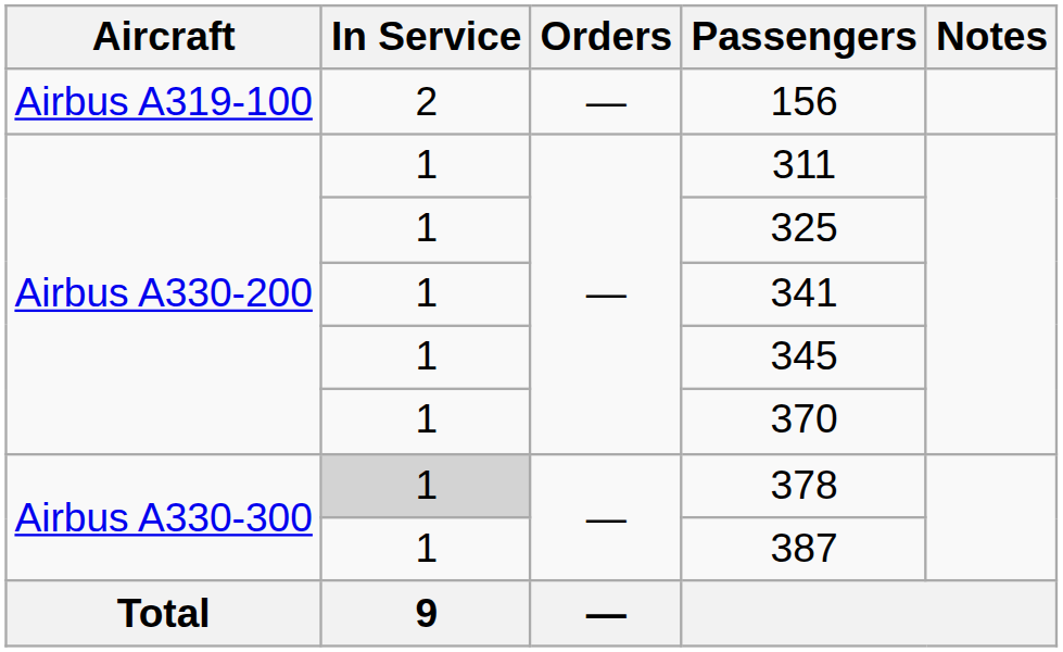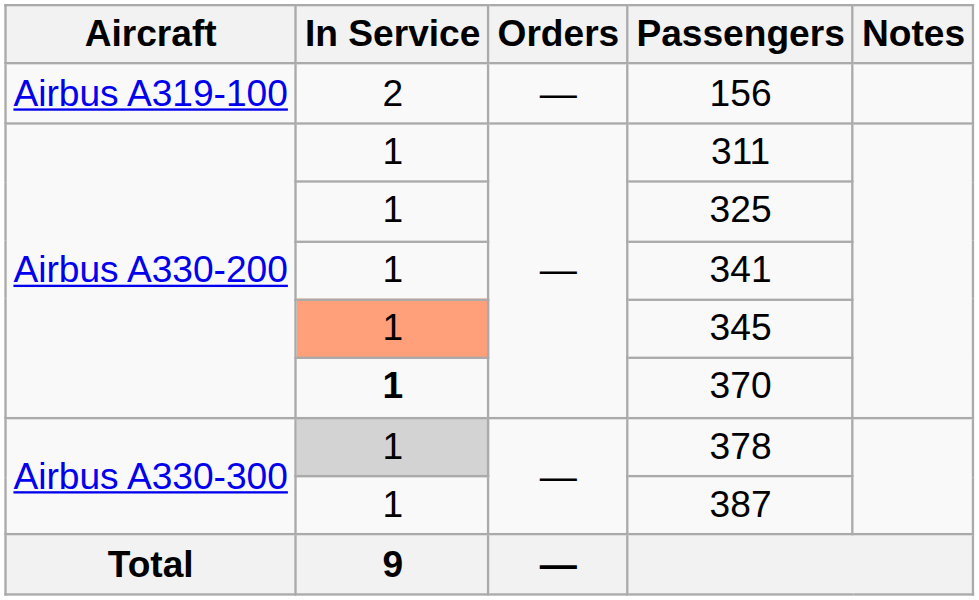 <table class="wikitable" style="margin:1em auto; border-collapse:collapse;text-align:center">
 <tr>
 <th>Aircraft</th>
 <th>In Service</th>
 <th>Orders</th>
 <th>Passengers</th>
 <th>Notes</th>
 </tr>
 <tr>
 <td><a href='#'>Airbus A319-100</a></td>
 <td>2</td>
 <td>—</td>
 <td>156</td>
 <td></td>
 </tr>
 <tr>
 <td rowspan="5"><a href='#'>Airbus A330-200</a></td>
 <td>1</td>
 <td rowspan="5">—</td>
 <td>311</td>
 <td rowspan="5"></td>
 </tr>
 <tr>
 <td>1</td>
 <td>325</td>
 </tr>
 <tr>
 <td>1</td>
 <td>341</td>
 </tr>
 <tr>
-<td>1</td>
+<td style="background: lightsalmon;">1</td>
 <td>345</td>
 </tr>
 <tr>
-<td>1</td>
+<td><strong>1</strong></td>
 <td>370</td>
 </tr>
 <tr>
 <td rowspan="2"><a href='#'>Airbus A330-300</a></td>
 <td style="background: lightgrey;">1</td>
 <td rowspan="2">—</td>
 <td>378</td>
 <td rowspan="2"></td>
 </tr>
 <tr>
 <td>1</td>
 <td>387</td>
 </tr>
 <tr>
 <th>Total</th>
 <th>9</th>
 <th>—</th>
 <th colspan="3"></th>
 </tr>
 </table>
